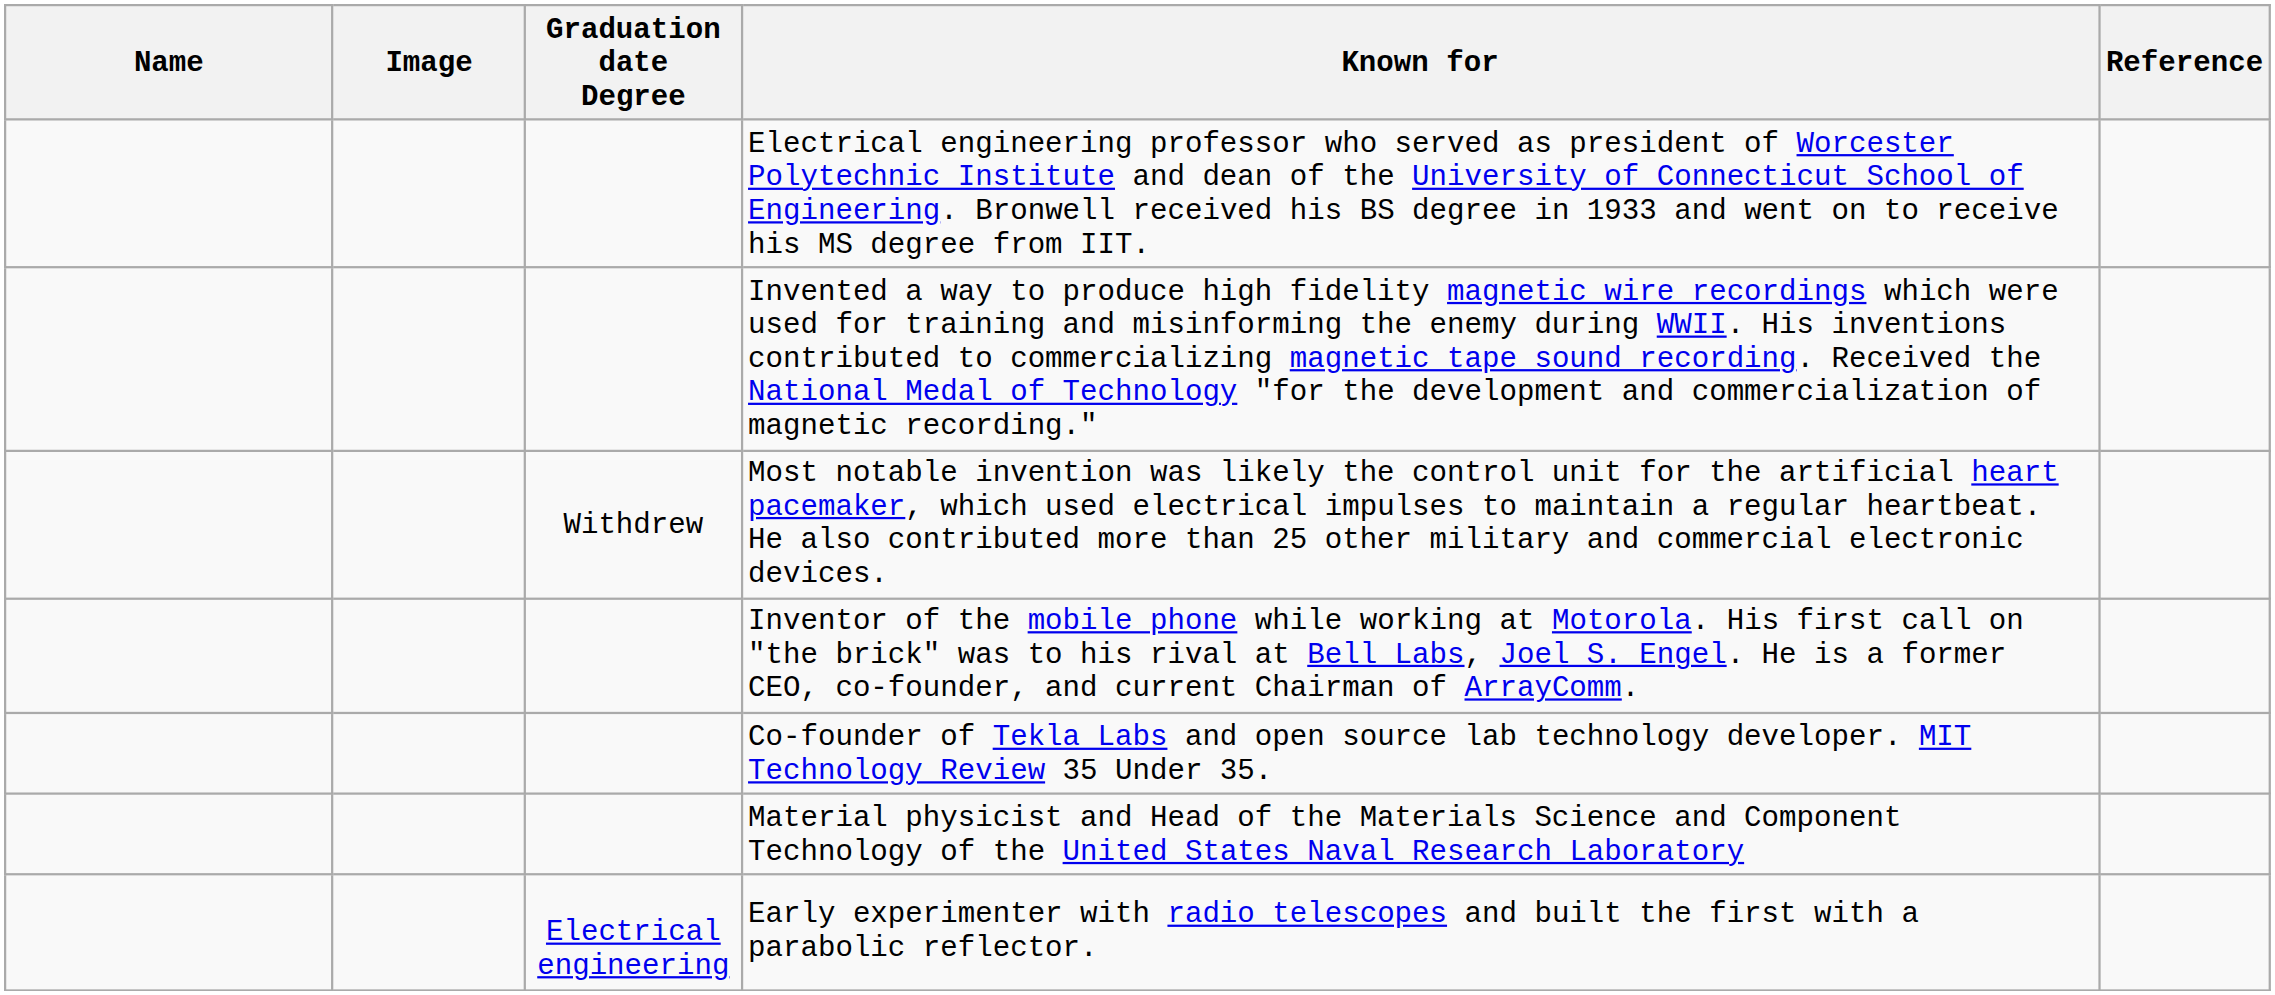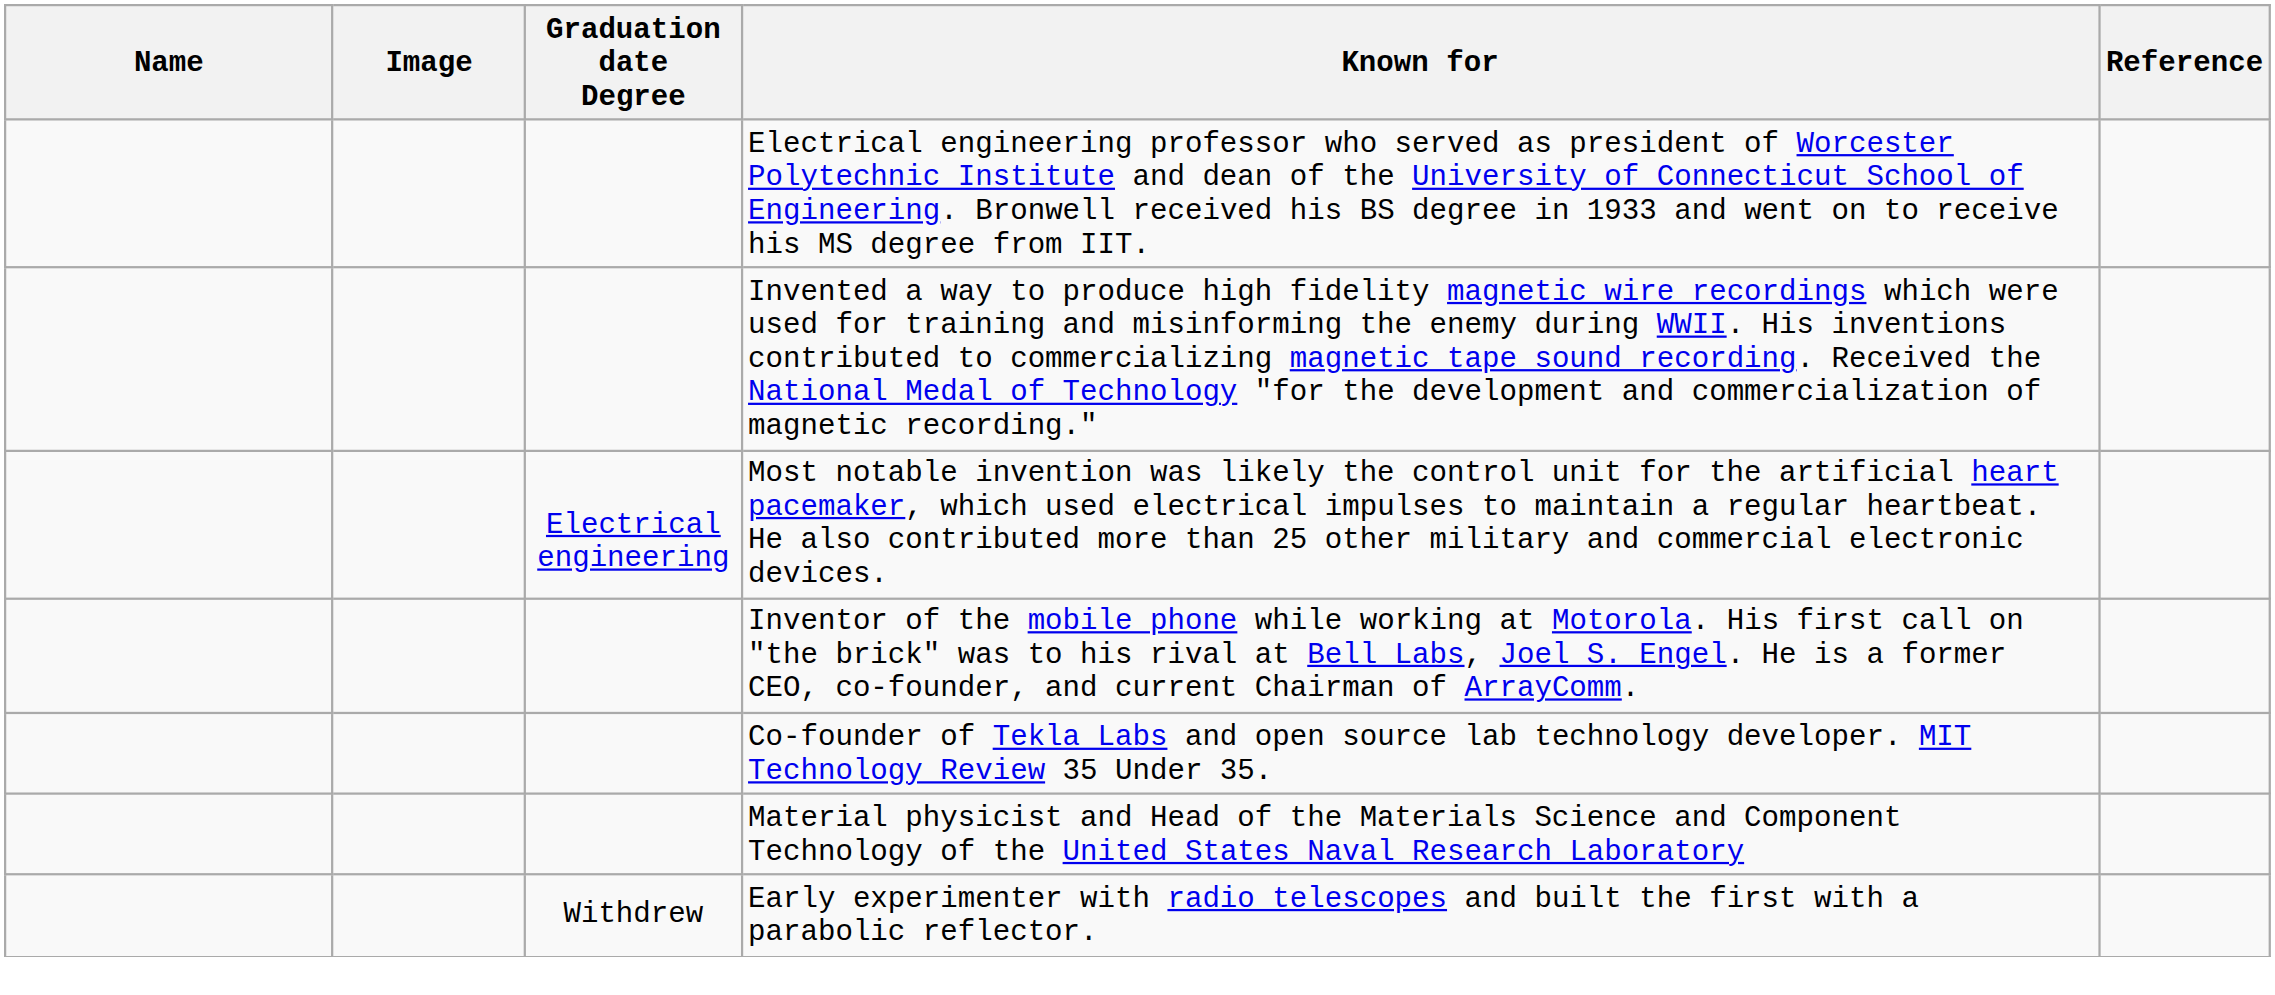 <table class="wikitable sortable">
 <tr>
 <th scope="col" width="140">Name</th>
 <th scope="col" width="80" class="unsortable">Image</th>
 <th scope="col" width="90">Graduation date<br>Degree</th>
 <th scope="col" width="600" class="unsortable">Known for</th>
 <th scope="col" width="30" class="unsortable">Reference</th>
 </tr>
 <tr>
 <td></td>
 <td></td>
 <td align=center></td>
 <td>Electrical engineering professor who served as president of <a href='#'>Worcester Polytechnic Institute</a> and dean of the <a href='#'>University of Connecticut School of Engineering</a>. Bronwell received his BS degree in 1933 and went on to receive his MS degree from IIT.</td>
 <td align="center"></td>
 </tr>
 <tr>
 <td></td>
 <td></td>
 <td align=center></td>
 <td>Invented a way to produce high fidelity <a href='#'>magnetic wire recordings</a> which were used for training and misinforming the enemy during <a href='#'>WWII</a>. His inventions contributed to commercializing <a href='#'>magnetic tape sound recording</a>. Received the <a href='#'>National Medal of Technology</a> "for the development and commercialization of magnetic recording."</td>
 <td align="center"></td>
 </tr>
 <tr>
 <td></td>
 <td></td>
-<td align=center>Withdrew</td>
+<td align=center><br><a href='#'>Electrical engineering</a></td>
 <td>Most notable invention was likely the control unit for the artificial <a href='#'>heart pacemaker</a>, which used electrical impulses to maintain a regular heartbeat. He also contributed more than 25 other military and commercial electronic devices.</td>
 <td align="center"></td>
 </tr>
 <tr>
 <td></td>
 <td></td>
 <td align=center></td>
 <td>Inventor of the <a href='#'>mobile phone</a> while working at <a href='#'>Motorola</a>. His first call on "the brick" was to his rival at <a href='#'>Bell Labs</a>, <a href='#'>Joel S. Engel</a>. He is a former CEO, co-founder, and current Chairman of <a href='#'>ArrayComm</a>.</td>
 <td align="center"></td>
 </tr>
 <tr>
 <td></td>
 <td></td>
 <td></td>
 <td>Co-founder of <a href='#'>Tekla Labs</a> and open source lab technology developer. <a href='#'>MIT Technology Review</a> 35 Under 35.</td>
 <td align=center></td>
 </tr>
 <tr>
 <td></td>
 <td></td>
 <td align=center></td>
 <td>Material physicist and Head of the Materials Science and Component Technology of the <a href='#'>United States Naval Research Laboratory</a></td>
 <td align="center"></td>
 </tr>
 <tr>
 <td></td>
 <td></td>
-<td align=center><br><a href='#'>Electrical engineering</a></td>
+<td align=center>Withdrew</td>
 <td>Early experimenter with <a href='#'>radio telescopes</a> and built the first with a parabolic reflector.</td>
 <td align="center"></td>
 </tr>
 <tr>
 </tr>
 </table>
